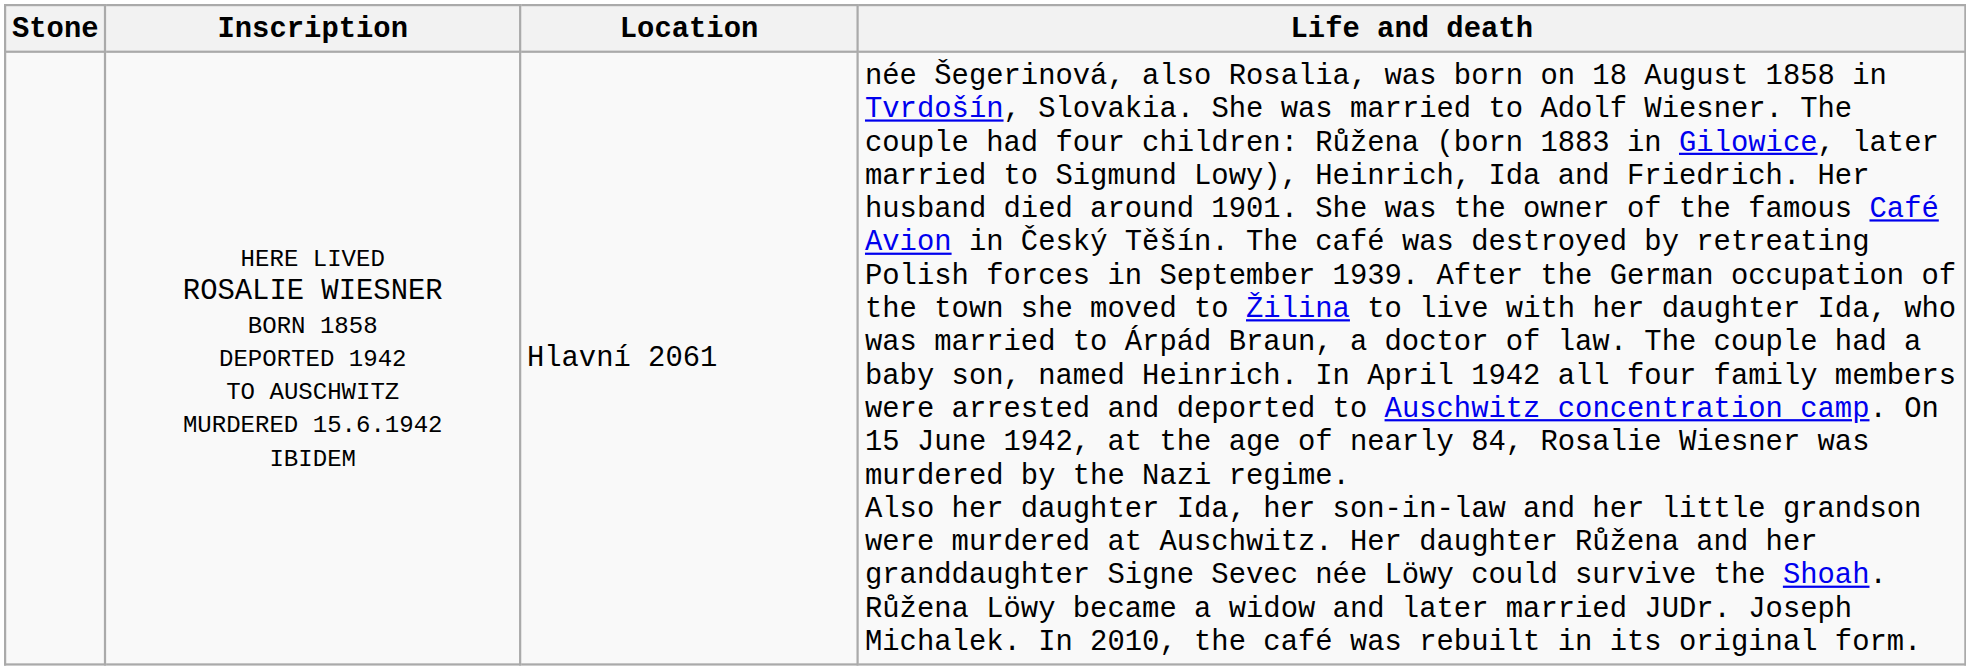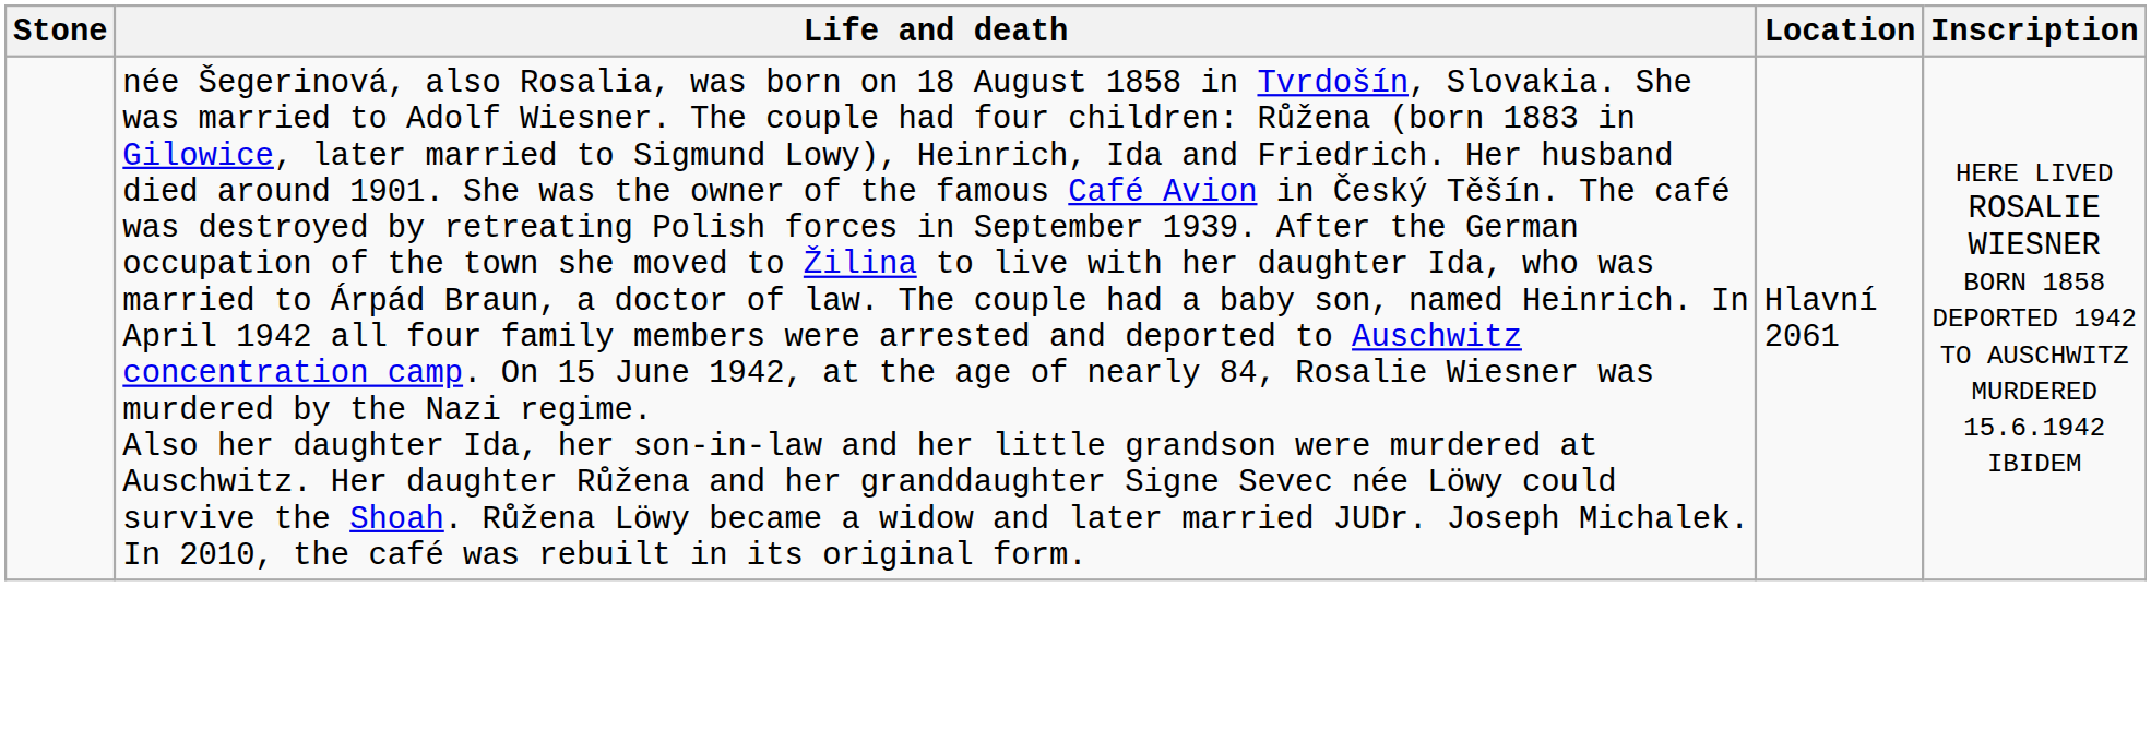 <table class="wikitable sortable toptextcells" style="width:100%">
 <tr>
 <th class="hintergrundfarbe6 unsortable" width="120px">Stone</th>
+<th class="hintergrundfarbe6" style="width:100%;">Life and death</th>
+<th class="hintergrundfarbe6" data-sort-type="text" style ="width:18%;">Location</th>
 <th class="hintergrundfarbe6 unsortable" style ="width:22%;">Inscription</th>
-<th class="hintergrundfarbe6" data-sort-type="text" style ="width:18%;">Location</th>
-<th class="hintergrundfarbe6" style="width:100%;">Life and death</th>
 </tr>
 <tr>
 <td></td>
+<td><strong></strong> née Šegerinová, also Rosalia, was born on 18 August 1858 in <a href='#'>Tvrdošín</a>, Slovakia. She was married to Adolf Wiesner. The couple had four children: Růžena (born 1883 in <a href='#'>Gilowice</a>, later married to Sigmund Lowy), Heinrich, Ida and Friedrich. Her husband died around 1901. She was the owner of the famous <a href='#'>Café Avion</a> in Český Těšín. The café was destroyed by retreating Polish forces in September 1939. After the German occupation of the town she moved to <a href='#'>Žilina</a> to live with her daughter Ida, who was married to Árpád Braun, a doctor of law. The couple had a baby son, named Heinrich. In April 1942 all four family members were arrested and deported to <a href='#'>Auschwitz concentration camp</a>. On 15 June 1942, at the age of nearly 84, Rosalie Wiesner was murdered by the Nazi regime.<br>Also her daughter Ida, her son-in-law and her little grandson were murdered at Auschwitz. Her daughter Růžena and her granddaughter Signe Sevec née Löwy could survive the <a href='#'>Shoah</a>. Růžena Löwy became a widow and later married JUDr. Joseph Michalek. In 2010, the café was rebuilt in its original form.</td>
+<td>Hlavní 2061<br></td>
 <td style="text-align:center"><div><small>HERE LIVED</small><br>ROSALIE WIESNER<br><small>BORN 1858<br>DEPORTED 1942<br>TO AUSCHWITZ<br>MURDERED 15.6.1942<br>IBIDEM</small></div></td>
-<td>Hlavní 2061<br></td>
-<td><strong></strong> née Šegerinová, also Rosalia, was born on 18 August 1858 in <a href='#'>Tvrdošín</a>, Slovakia. She was married to Adolf Wiesner. The couple had four children: Růžena (born 1883 in <a href='#'>Gilowice</a>, later married to Sigmund Lowy), Heinrich, Ida and Friedrich. Her husband died around 1901. She was the owner of the famous <a href='#'>Café Avion</a> in Český Těšín. The café was destroyed by retreating Polish forces in September 1939. After the German occupation of the town she moved to <a href='#'>Žilina</a> to live with her daughter Ida, who was married to Árpád Braun, a doctor of law. The couple had a baby son, named Heinrich. In April 1942 all four family members were arrested and deported to <a href='#'>Auschwitz concentration camp</a>. On 15 June 1942, at the age of nearly 84, Rosalie Wiesner was murdered by the Nazi regime.<br>Also her daughter Ida, her son-in-law and her little grandson were murdered at Auschwitz. Her daughter Růžena and her granddaughter Signe Sevec née Löwy could survive the <a href='#'>Shoah</a>. Růžena Löwy became a widow and later married JUDr. Joseph Michalek. In 2010, the café was rebuilt in its original form.</td>
 </tr>
 </table>
